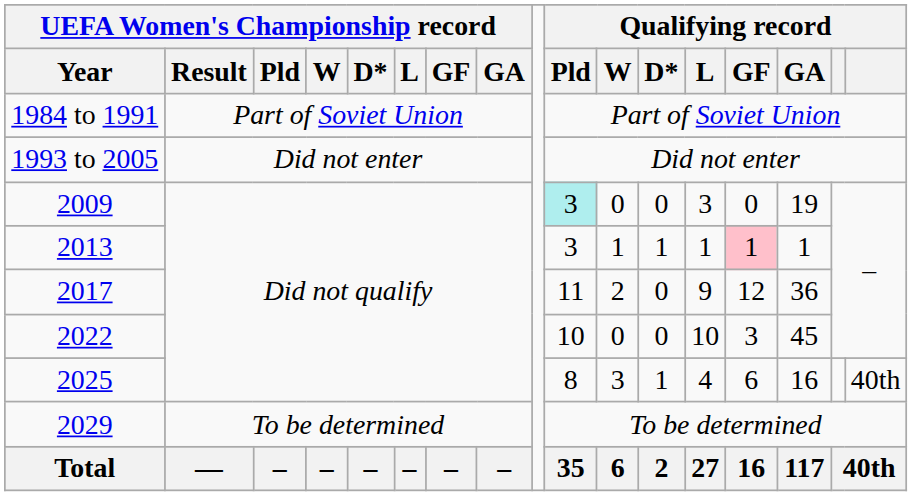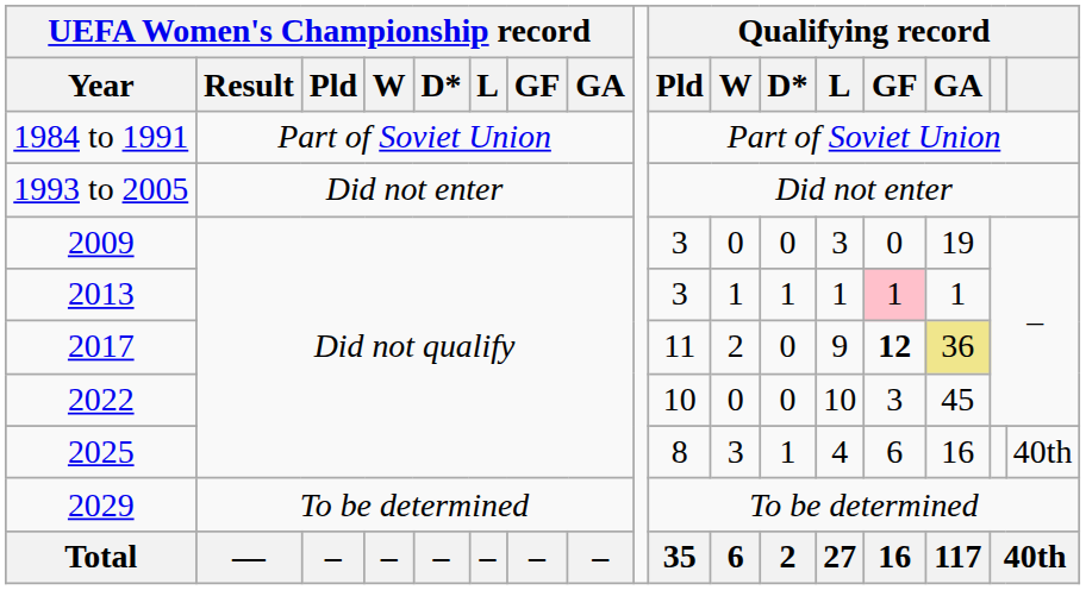 <table class="wikitable" style="text-align: center;">
 <tr>
 <th colspan=8><a href='#'>UEFA Women's Championship</a> record</th>
 <td rowspan=100></td>
 <th colspan=8>Qualifying record</th>
 </tr>
 <tr>
 <th>Year</th>
 <th>Result</th>
 <th>Pld</th>
 <th>W</th>
 <th>D*</th>
 <th>L</th>
 <th>GF</th>
 <th>GA<br></th>
 <th>Pld</th>
 <th>W</th>
 <th>D*</th>
 <th>L</th>
 <th>GF</th>
 <th>GA</th>
 <th></th>
 <th></th>
 </tr>
 <tr>
 <td><a href='#'>1984</a> to  <a href='#'>1991</a></td>
 <td colspan=7><em>Part of  <a href='#'>Soviet Union</a></em></td>
 <td colspan=8><em>Part of  <a href='#'>Soviet Union</a></em></td>
 </tr>
 <tr>
 <td> <a href='#'>1993</a> to  <a href='#'>2005</a></td>
 <td colspan=7><em>Did not enter</em></td>
 <td colspan=8><em>Did not enter</em></td>
 </tr>
 <tr>
 <td> <a href='#'>2009</a></td>
 <td colspan=7 rowspan=5><em>Did not qualify</em></td>
-<td style="background: paleturquoise;">3</td>
+<td>3</td>
 <td>0</td>
 <td>0</td>
 <td>3</td>
 <td>0</td>
 <td>19</td>
 <td colspan=2 rowspan=4>–</td>
 </tr>
 <tr>
 <td> <a href='#'>2013</a></td>
 <td>3</td>
 <td>1</td>
 <td>1</td>
 <td>1</td>
 <td style="background: pink;">1</td>
 <td>1</td>
 </tr>
 <tr>
 <td> <a href='#'>2017</a></td>
 <td>11</td>
 <td>2</td>
 <td>0</td>
 <td>9</td>
-<td>12</td>
-<td>36</td>
+<td><strong>12</strong></td>
+<td style="background: khaki;">36</td>
 </tr>
 <tr>
 <td> <a href='#'>2022</a></td>
 <td>10</td>
 <td>0</td>
 <td>0</td>
 <td>10</td>
 <td>3</td>
 <td>45</td>
 </tr>
 <tr>
 <td> <a href='#'>2025</a></td>
 <td>8</td>
 <td>3</td>
 <td>1</td>
 <td>4</td>
 <td>6</td>
 <td>16</td>
 <td></td>
 <td>40th</td>
 </tr>
 <tr>
 <td><a href='#'>2029</a></td>
 <td colspan=7><em>To be determined</em></td>
 <td colspan=8><em>To be determined</em></td>
 </tr>
 <tr>
 <th>Total</th>
 <th>—</th>
 <th>–</th>
 <th>–</th>
 <th>–</th>
 <th>–</th>
 <th>–</th>
 <th>–</th>
 <th>35</th>
 <th>6</th>
 <th>2</th>
 <th>27</th>
 <th>16</th>
 <th>117</th>
 <th colspan=2>40th</th>
 </tr>
 </table>
